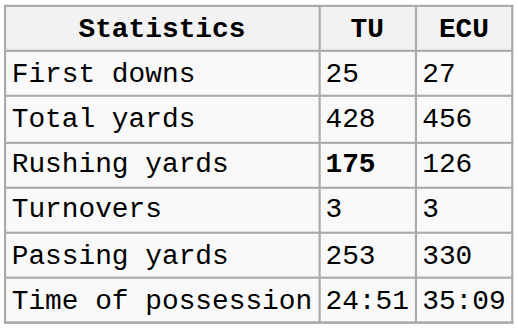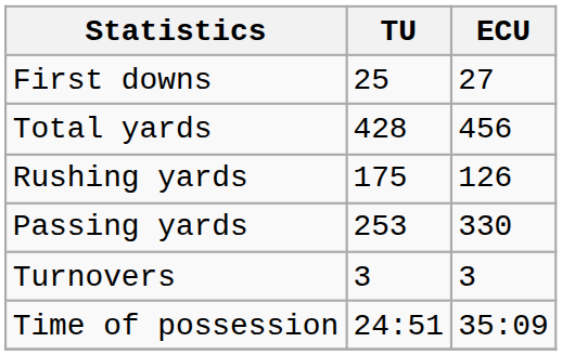 <table class="wikitable" style="float: left;">
 <tr>
 <th>Statistics</th>
 <th>TU</th>
 <th>ECU</th>
 </tr>
 <tr>
 <td>First downs</td>
 <td>25</td>
 <td>27</td>
 </tr>
 <tr>
 <td>Total yards</td>
 <td>428</td>
 <td>456</td>
 </tr>
 <tr>
 <td>Rushing yards</td>
-<td><strong>175</strong></td>
+<td>175</td>
 <td>126</td>
+</tr>
+<tr>
+<td>Passing yards</td>
+<td>253</td>
+<td>330</td>
 </tr>
 <tr>
 <td>Turnovers</td>
 <td>3</td>
 <td>3</td>
-</tr>
-<tr>
-<td>Passing yards</td>
-<td>253</td>
-<td>330</td>
 </tr>
 <tr>
 <td>Time of possession</td>
 <td>24:51</td>
 <td>35:09</td>
 </tr>
 <tr>
 </tr>
 </table>
